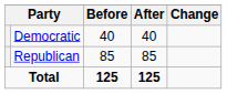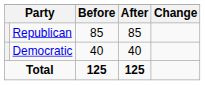 <table class="wikitable" style="text-align:center;">
 <tr>
 </tr>
 <tr>
 <th colspan=2>Party</th>
 <th>Before</th>
 <th>After</th>
 <th>Change</th>
 </tr>
 <tr>
 <th style="background-color:"></th>
-<td style="text-align:left;"><a href='#'>Democratic</a></td>
-<td>40</td>
-<td>40</td>
+<td style="text-align:left;"><a href='#'>Republican</a></td>
+<td>85</td>
+<td>85</td>
 <td></td>
 </tr>
 <tr>
 <th style="background-color:"></th>
-<td style="text-align:left;"><a href='#'>Republican</a></td>
-<td>85</td>
-<td>85</td>
+<td style="text-align:left;"><a href='#'>Democratic</a></td>
+<td>40</td>
+<td>40</td>
 <td></td>
 </tr>
 <tr>
 <td colspan=2><strong>Total</strong></td>
 <td><strong>125</strong></td>
 <td><strong>125</strong></td>
 <td></td>
 </tr>
 </table>
